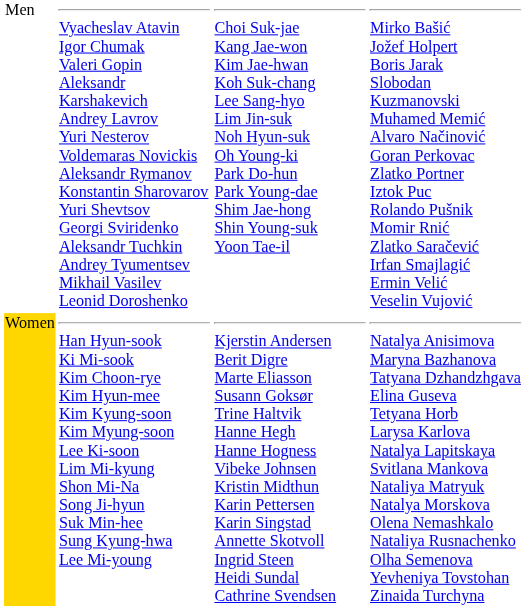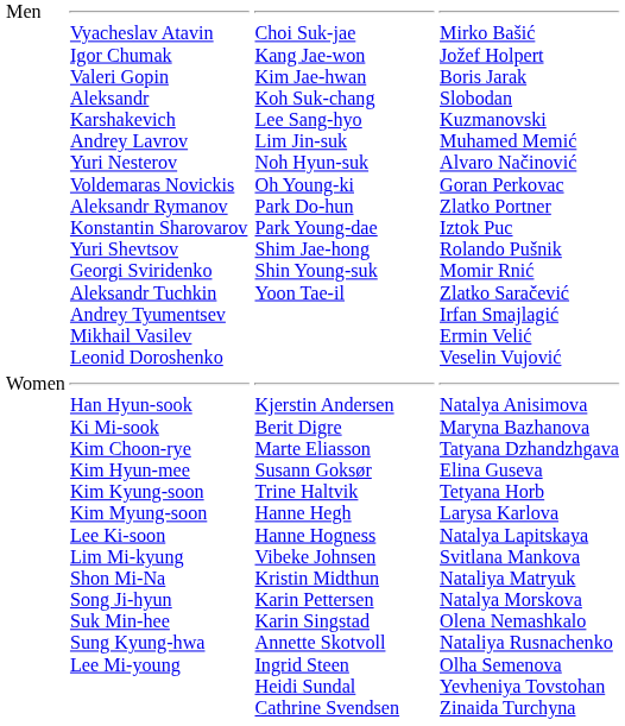 <table>
 <tr valign=top>
 <td>Men <br></td>
 <td width=150><hr> <a href='#'>Vyacheslav Atavin</a><br><a href='#'>Igor Chumak</a><br><a href='#'>Valeri Gopin</a><br><a href='#'>Aleksandr Karshakevich</a><br><a href='#'>Andrey Lavrov</a><br><a href='#'>Yuri Nesterov</a><br><a href='#'>Voldemaras Novickis</a><br><a href='#'>Aleksandr Rymanov</a><br><a href='#'>Konstantin Sharovarov</a><br><a href='#'>Yuri Shevtsov</a><br><a href='#'>Georgi Sviridenko</a><br><a href='#'>Aleksandr Tuchkin</a><br><a href='#'>Andrey Tyumentsev</a><br><a href='#'>Mikhail Vasilev</a><br><a href='#'>Leonid Doroshenko</a></td>
 <td width=150><hr> <a href='#'>Choi Suk-jae</a><br><a href='#'>Kang Jae-won</a><br><a href='#'>Kim Jae-hwan</a><br><a href='#'>Koh Suk-chang</a><br><a href='#'>Lee Sang-hyo</a><br><a href='#'>Lim Jin-suk</a><br><a href='#'>Noh Hyun-suk</a><br><a href='#'>Oh Young-ki</a><br><a href='#'>Park Do-hun</a><br><a href='#'>Park Young-dae</a><br><a href='#'>Shim Jae-hong</a><br><a href='#'>Shin Young-suk</a><br><a href='#'>Yoon Tae-il</a></td>
 <td width=150><hr> <a href='#'>Mirko Bašić</a><br><a href='#'>Jožef Holpert</a><br><a href='#'>Boris Jarak</a><br><a href='#'>Slobodan Kuzmanovski</a><br><a href='#'>Muhamed Memić</a><br><a href='#'>Alvaro Načinović</a><br><a href='#'>Goran Perkovac</a><br><a href='#'>Zlatko Portner</a><br><a href='#'>Iztok Puc</a><br><a href='#'>Rolando Pušnik</a><br><a href='#'>Momir Rnić</a><br><a href='#'>Zlatko Saračević</a><br><a href='#'>Irfan Smajlagić</a><br><a href='#'>Ermin Velić</a><br><a href='#'>Veselin Vujović</a></td>
 </tr>
 <tr valign=top>
-<td style="background: gold;">Women <br></td>
+<td>Women <br></td>
 <td><hr> <a href='#'>Han Hyun-sook</a><br><a href='#'>Ki Mi-sook</a><br><a href='#'>Kim Choon-rye</a><br><a href='#'>Kim Hyun-mee</a><br><a href='#'>Kim Kyung-soon</a><br><a href='#'>Kim Myung-soon</a><br><a href='#'>Lee Ki-soon</a><br><a href='#'>Lim Mi-kyung</a><br><a href='#'>Shon Mi-Na</a><br><a href='#'>Song Ji-hyun</a><br><a href='#'>Suk Min-hee</a><br><a href='#'>Sung Kyung-hwa</a><br><a href='#'>Lee Mi-young</a></td>
 <td><hr> <a href='#'>Kjerstin Andersen</a><br><a href='#'>Berit Digre</a><br><a href='#'>Marte Eliasson</a><br><a href='#'>Susann Goksør</a><br><a href='#'>Trine Haltvik</a><br><a href='#'>Hanne Hegh</a><br><a href='#'>Hanne Hogness</a><br><a href='#'>Vibeke Johnsen</a><br><a href='#'>Kristin Midthun</a><br><a href='#'>Karin Pettersen</a><br><a href='#'>Karin Singstad</a><br><a href='#'>Annette Skotvoll</a><br><a href='#'>Ingrid Steen</a><br><a href='#'>Heidi Sundal</a><br><a href='#'>Cathrine Svendsen</a></td>
 <td><hr> <a href='#'>Natalya Anisimova</a><br><a href='#'>Maryna Bazhanova</a><br> <a href='#'>Tatyana Dzhandzhgava</a><br><a href='#'>Elina Guseva</a><br><a href='#'>Tetyana Horb</a><br><a href='#'>Larysa Karlova</a><br><a href='#'>Natalya Lapitskaya</a><br><a href='#'>Svitlana Mankova</a><br><a href='#'>Nataliya Matryuk</a><br><a href='#'>Natalya Morskova</a><br><a href='#'>Olena Nemashkalo</a><br><a href='#'>Nataliya Rusnachenko</a><br><a href='#'>Olha Semenova</a><br><a href='#'>Yevheniya Tovstohan</a><br><a href='#'>Zinaida Turchyna</a></td>
 </tr>
 </table>
